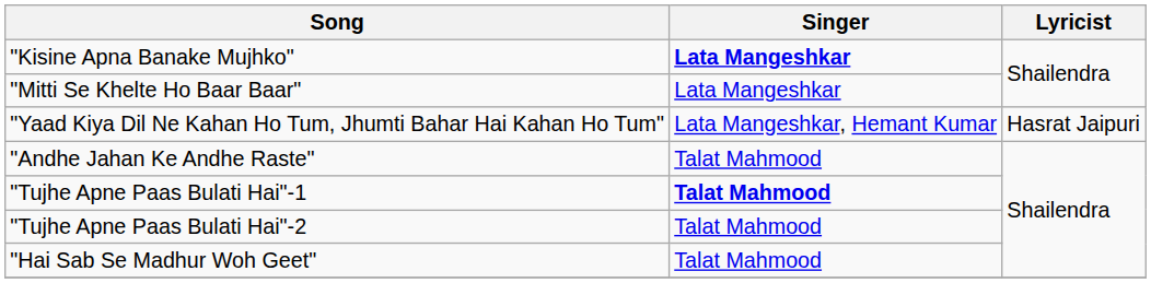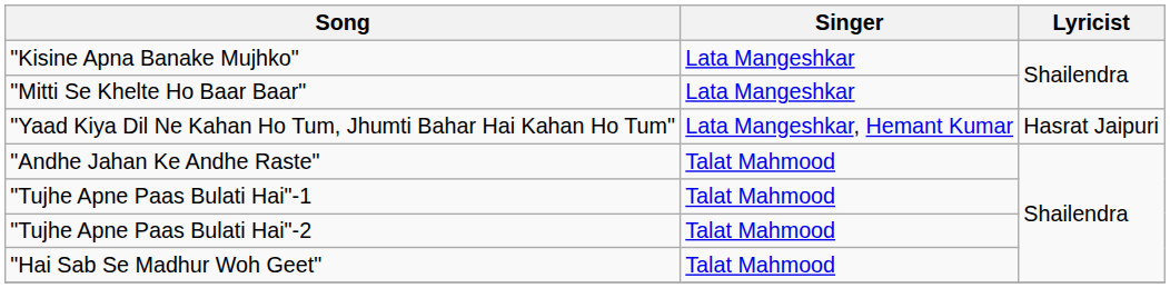 <table class="wikitable" style="font-size:90%;">
 <tr>
 <th>Song</th>
 <th>Singer</th>
 <th>Lyricist</th>
 </tr>
 <tr>
 <td>"Kisine Apna Banake Mujhko"</td>
-<td><strong><a href='#'>Lata Mangeshkar</a></strong></td>
+<td><a href='#'>Lata Mangeshkar</a></td>
 <td rowspan="2">Shailendra</td>
 </tr>
 <tr>
 <td>"Mitti Se Khelte Ho Baar Baar"</td>
 <td><a href='#'>Lata Mangeshkar</a></td>
 </tr>
 <tr>
 <td>"Yaad Kiya Dil Ne Kahan Ho Tum, Jhumti Bahar Hai Kahan Ho Tum"</td>
 <td><a href='#'>Lata Mangeshkar</a>, <a href='#'>Hemant Kumar</a></td>
 <td>Hasrat Jaipuri</td>
 </tr>
 <tr>
 <td>"Andhe Jahan Ke Andhe Raste"</td>
 <td><a href='#'>Talat Mahmood</a></td>
 <td rowspan="4">Shailendra</td>
 </tr>
 <tr>
 <td>"Tujhe Apne Paas Bulati Hai"-1</td>
-<td><strong><a href='#'>Talat Mahmood</a></strong></td>
+<td><a href='#'>Talat Mahmood</a></td>
 </tr>
 <tr>
 <td>"Tujhe Apne Paas Bulati Hai"-2</td>
 <td><a href='#'>Talat Mahmood</a></td>
 </tr>
 <tr>
 <td>"Hai Sab Se Madhur Woh Geet"</td>
 <td><a href='#'>Talat Mahmood</a></td>
 </tr>
 <tr>
 </tr>
 </table>
